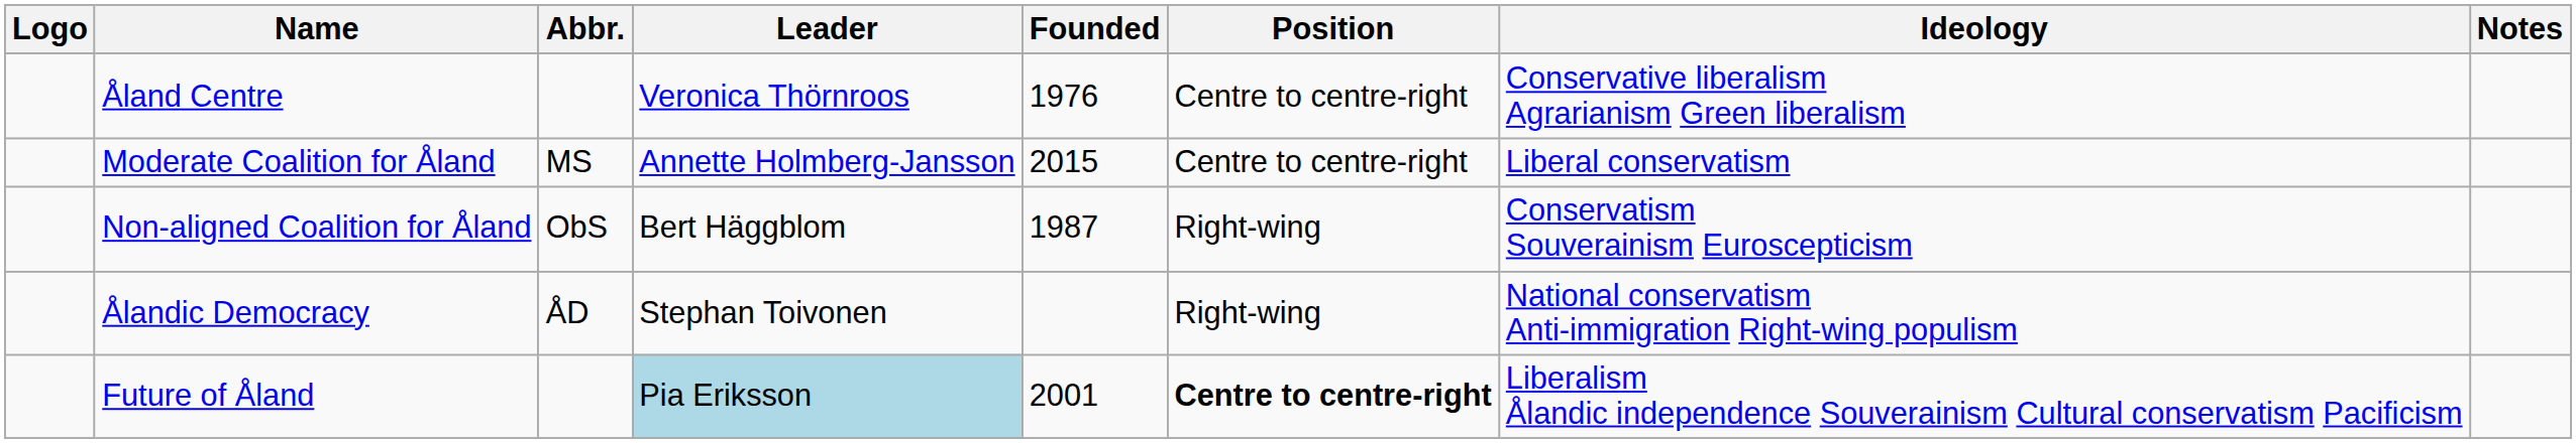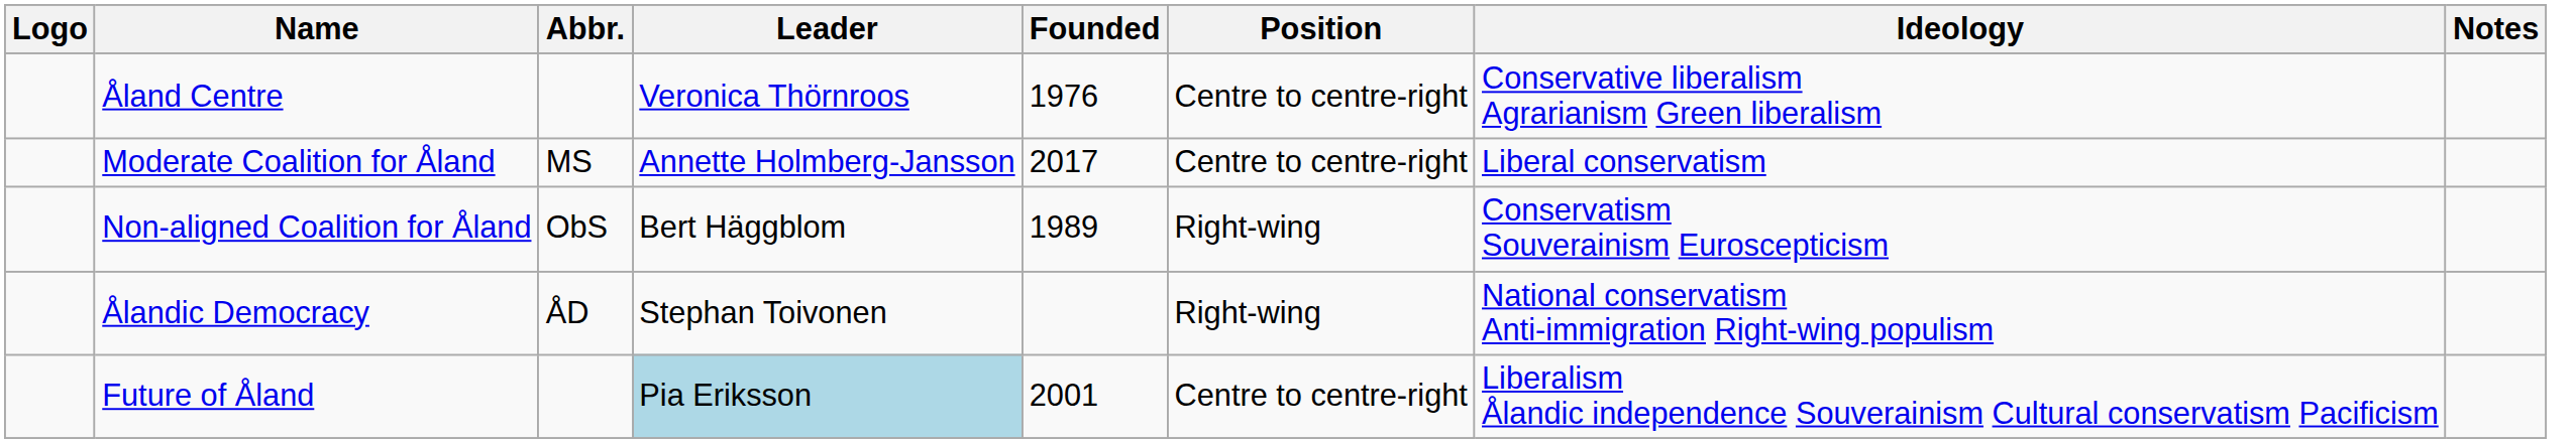 <table class="wikitable">
 <tr>
 <th>Logo</th>
 <th>Name</th>
 <th>Abbr.</th>
 <th>Leader</th>
 <th>Founded</th>
 <th>Position</th>
 <th>Ideology</th>
 <th>Notes</th>
 </tr>
 <tr>
 <td></td>
 <td><a href='#'>Åland Centre</a></td>
 <td></td>
 <td><a href='#'>Veronica Thörnroos</a></td>
 <td>1976</td>
 <td>Centre to centre-right</td>
 <td><a href='#'>Conservative liberalism</a><br><a href='#'>Agrarianism</a> <a href='#'>Green liberalism</a></td>
 <td></td>
 </tr>
 <tr>
 <td></td>
 <td><a href='#'>Moderate Coalition for Åland</a></td>
 <td>MS</td>
 <td><a href='#'>Annette Holmberg-Jansson</a></td>
-<td>2015</td>
+<td>2017</td>
 <td>Centre to centre-right</td>
 <td><a href='#'>Liberal conservatism</a></td>
 <td></td>
 </tr>
 <tr>
 <td></td>
 <td><a href='#'>Non-aligned Coalition for Åland</a></td>
 <td>ObS</td>
 <td>Bert Häggblom</td>
-<td>1987</td>
+<td>1989</td>
 <td>Right-wing</td>
 <td><a href='#'>Conservatism</a><br><a href='#'>Souverainism</a> <a href='#'>Euroscepticism</a></td>
 <td></td>
 </tr>
 <tr>
 <td></td>
 <td><a href='#'>Ålandic Democracy</a></td>
 <td>ÅD</td>
 <td>Stephan Toivonen</td>
 <td></td>
 <td>Right-wing</td>
 <td><a href='#'>National conservatism</a><br><a href='#'>Anti-immigration</a> <a href='#'>Right-wing populism</a></td>
 <td></td>
 </tr>
 <tr>
 <td></td>
 <td><a href='#'>Future of Åland</a></td>
 <td></td>
 <td style="background: lightblue;">Pia Eriksson</td>
 <td>2001</td>
-<td><strong>Centre to centre-right</strong></td>
+<td>Centre to centre-right</td>
 <td><a href='#'>Liberalism</a><br><a href='#'>Ålandic independence</a> <a href='#'>Souverainism</a> <a href='#'>Cultural conservatism</a> <a href='#'>Pacificism</a></td>
 <td></td>
 </tr>
 </table>
